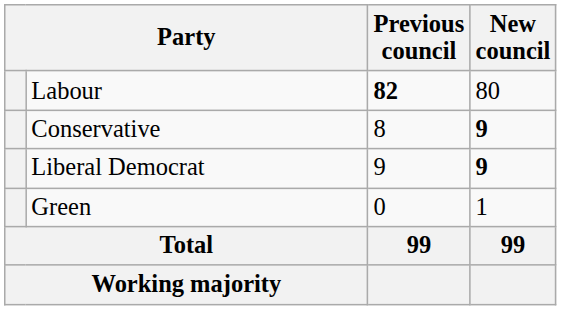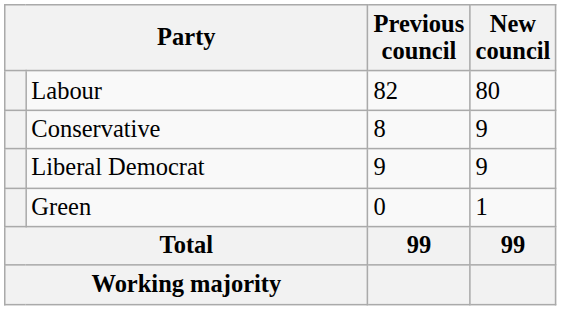 <table class="wikitable">
 <tr>
 <th valign=centre colspan="2" style="width: 230px">Party</th>
 <th valign=top style="width: 30px">Previous council</th>
 <th valign=top style="width: 30px">New council</th>
 </tr>
 <tr>
 <th style="background-color: "></th>
 <td>Labour</td>
-<td><strong>82</strong></td>
+<td>82</td>
 <td>80</td>
 </tr>
 <tr>
 <th style="background-color: "></th>
 <td>Conservative</td>
 <td>8</td>
-<td><strong>9</strong></td>
+<td>9</td>
 </tr>
 <tr>
 <th style="background-color: "></th>
 <td>Liberal Democrat</td>
 <td>9</td>
-<td><strong>9</strong></td>
+<td>9</td>
 </tr>
 <tr>
 <th style="background-color: "></th>
 <td>Green</td>
 <td>0</td>
 <td>1</td>
 </tr>
 <tr>
 <th colspan=2>Total</th>
 <th style="text-align: center">99</th>
 <th colspan=3>99</th>
 </tr>
 <tr>
 <th colspan=2>Working majority</th>
 <th></th>
 <th></th>
 </tr>
 </table>
